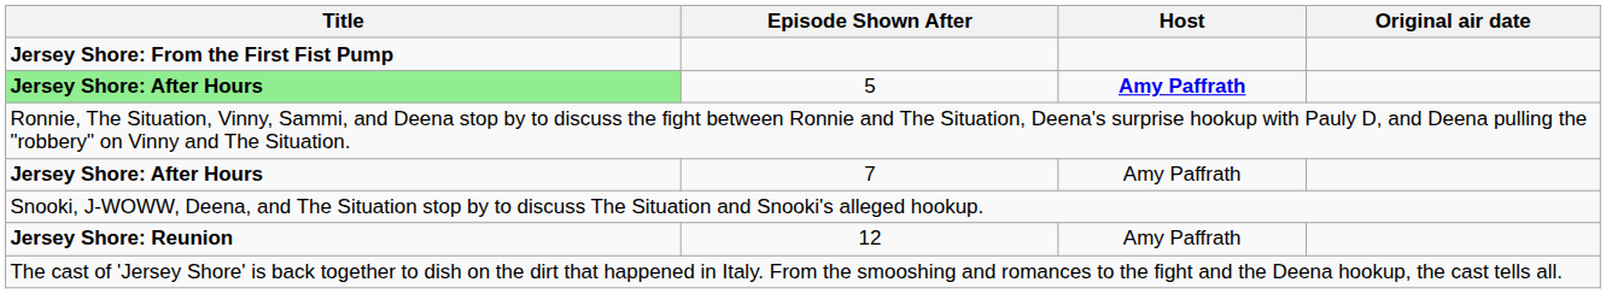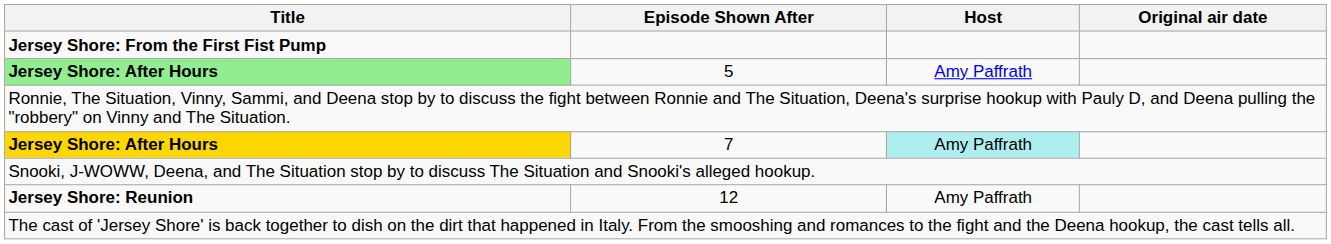 <table class="wikitable plainrowheaders">
 <tr>
 <th>Title</th>
 <th>Episode Shown After</th>
 <th>Host</th>
 <th>Original air date</th>
 </tr>
 <tr>
 <td><strong>Jersey Shore: From the First Fist Pump</strong></td>
 <td style="text-align:center;"></td>
 <td></td>
 <td style="text-align:center;"></td>
 </tr>
 <tr>
 <td style="background: lightgreen;"><strong>Jersey Shore: After Hours</strong></td>
 <td style="text-align:center;">5</td>
-<td style="text-align:center;"><strong><a href='#'>Amy Paffrath</a></strong></td>
+<td style="text-align:center;"><a href='#'>Amy Paffrath</a></td>
 <td style="text-align:center;"></td>
 </tr>
 <tr>
 <td colspan="4">Ronnie, The Situation, Vinny, Sammi, and Deena stop by to discuss the fight between Ronnie and The Situation, Deena's surprise hookup with Pauly D, and Deena pulling the "robbery" on Vinny and The Situation.</td>
 </tr>
 <tr>
-<td><strong>Jersey Shore: After Hours</strong></td>
+<td style="background: gold;"><strong>Jersey Shore: After Hours</strong></td>
 <td style="text-align:center;">7</td>
-<td style="text-align:center;">Amy Paffrath</td>
+<td style="background: paleturquoise; text-align:center;">Amy Paffrath</td>
 <td style="text-align:center;"></td>
 </tr>
 <tr>
 <td colspan="4">Snooki, J-WOWW, Deena, and The Situation stop by to discuss The Situation and Snooki's alleged hookup.</td>
 </tr>
 <tr>
 <td><strong>Jersey Shore: Reunion</strong></td>
 <td style="text-align:center;">12</td>
 <td style="text-align:center;">Amy Paffrath</td>
 <td style="text-align:center;"></td>
 </tr>
 <tr>
 <td colspan="4">The cast of 'Jersey Shore' is back together to dish on the dirt that happened in Italy. From the smooshing and romances to the fight and the Deena hookup, the cast tells all.</td>
 </tr>
 </table>
